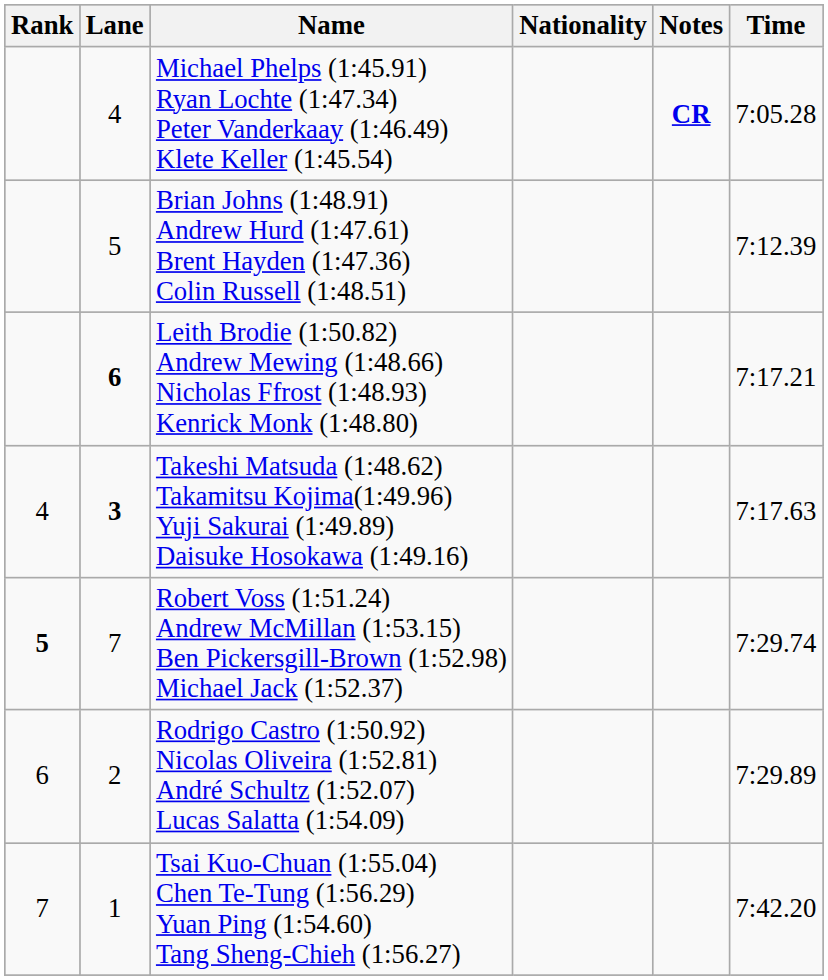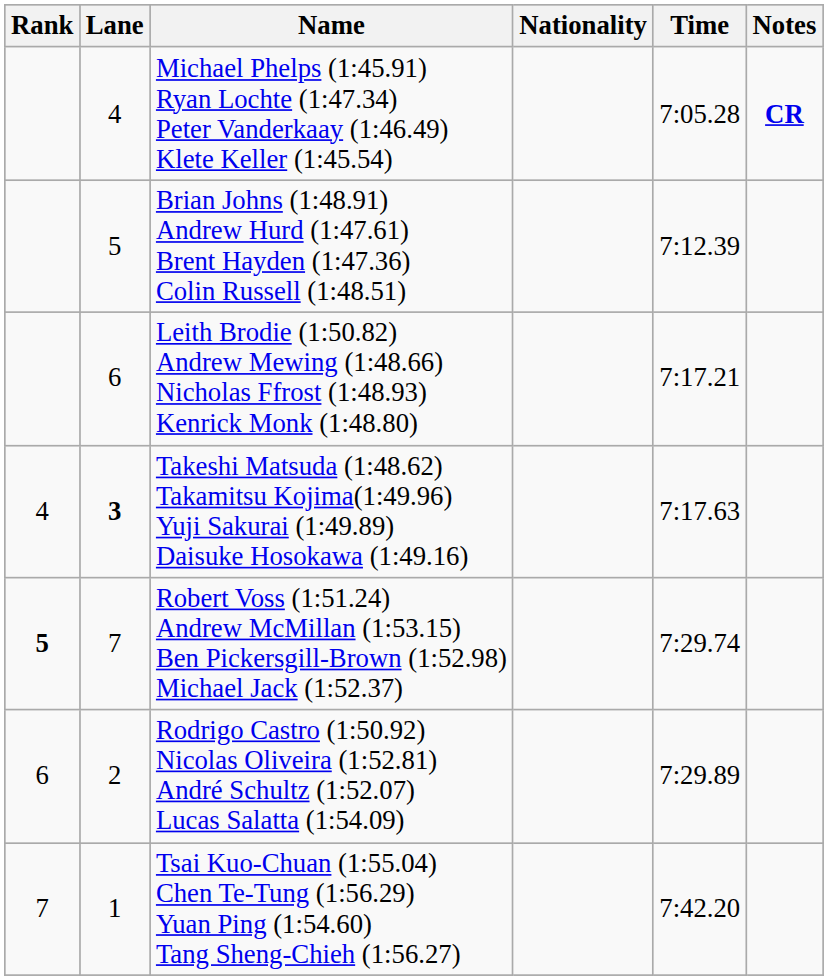 <table class="wikitable sortable" style="text-align:center">
 <tr>
 <th>Rank</th>
 <th>Lane</th>
 <th>Name</th>
 <th>Nationality</th>
+<th>Time</th>
 <th>Notes</th>
-<th>Time</th>
 </tr>
 <tr>
 <td></td>
 <td>4</td>
 <td align=left><a href='#'>Michael Phelps</a> (1:45.91) <br> <a href='#'>Ryan Lochte</a> (1:47.34) <br> <a href='#'>Peter Vanderkaay</a> (1:46.49) <br> <a href='#'>Klete Keller</a> (1:45.54)</td>
 <td align=left></td>
+<td>7:05.28</td>
 <td><strong><a href='#'>CR</a></strong></td>
-<td>7:05.28</td>
 </tr>
 <tr>
 <td></td>
 <td>5</td>
 <td align=left><a href='#'>Brian Johns</a> (1:48.91) <br><a href='#'>Andrew Hurd</a> (1:47.61) <br><a href='#'>Brent Hayden</a> (1:47.36) <br><a href='#'>Colin Russell</a> (1:48.51)</td>
 <td align=left></td>
+<td>7:12.39</td>
 <td></td>
-<td>7:12.39</td>
 </tr>
 <tr>
 <td></td>
-<td><strong>6</strong></td>
+<td>6</td>
 <td align=left><a href='#'>Leith Brodie</a> (1:50.82) <br> <a href='#'>Andrew Mewing</a> (1:48.66) <br> <a href='#'>Nicholas Ffrost</a> (1:48.93) <br> <a href='#'>Kenrick Monk</a> (1:48.80)</td>
 <td align=left></td>
+<td>7:17.21</td>
 <td></td>
-<td>7:17.21</td>
 </tr>
 <tr>
 <td>4</td>
 <td><strong>3</strong></td>
 <td align=left><a href='#'>Takeshi Matsuda</a> (1:48.62) <br> <a href='#'>Takamitsu Kojima</a>(1:49.96) <br> <a href='#'>Yuji Sakurai</a> (1:49.89) <br> <a href='#'>Daisuke Hosokawa</a> (1:49.16)</td>
 <td align=left></td>
+<td>7:17.63</td>
 <td></td>
-<td>7:17.63</td>
 </tr>
 <tr>
 <td><strong>5</strong></td>
 <td>7</td>
 <td align=left><a href='#'>Robert Voss</a> (1:51.24) <br> <a href='#'>Andrew McMillan</a> (1:53.15) <br> <a href='#'>Ben Pickersgill-Brown</a> (1:52.98) <br> <a href='#'>Michael Jack</a> (1:52.37)</td>
 <td align=left></td>
+<td>7:29.74</td>
 <td></td>
-<td>7:29.74</td>
 </tr>
 <tr>
 <td>6</td>
 <td>2</td>
 <td align=left><a href='#'>Rodrigo Castro</a> (1:50.92) <br><a href='#'>Nicolas Oliveira</a> (1:52.81) <br><a href='#'>André Schultz</a> (1:52.07) <br><a href='#'>Lucas Salatta</a> (1:54.09)</td>
 <td align=left></td>
+<td>7:29.89</td>
 <td></td>
-<td>7:29.89</td>
 </tr>
 <tr>
 <td>7</td>
 <td>1</td>
 <td align=left><a href='#'>Tsai Kuo-Chuan</a> (1:55.04) <br><a href='#'>Chen Te-Tung</a> (1:56.29) <br><a href='#'>Yuan Ping</a> (1:54.60) <br><a href='#'>Tang Sheng-Chieh</a> (1:56.27)</td>
 <td align=left></td>
+<td>7:42.20</td>
 <td></td>
-<td>7:42.20</td>
 </tr>
 </table>
